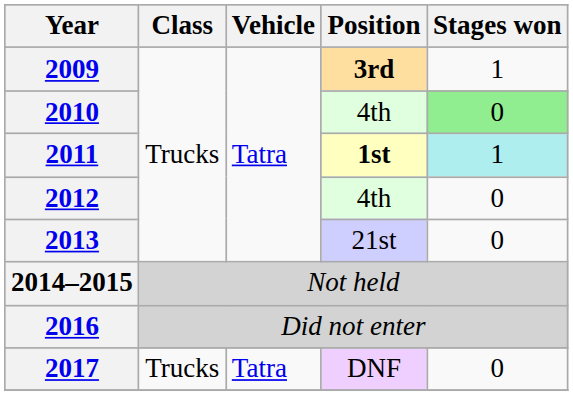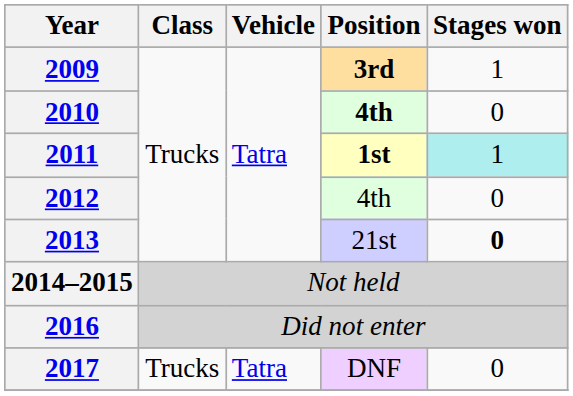 <table class="wikitable">
 <tr>
 <th>Year</th>
 <th>Class</th>
 <th>Vehicle</th>
 <th>Position</th>
 <th>Stages won</th>
 </tr>
 <tr>
 <th><a href='#'>2009</a></th>
 <td rowspan=5>Trucks</td>
 <td rowspan=5> <a href='#'>Tatra</a></td>
 <td align="center" style="background:#FFDF9F;"><strong>3rd</strong></td>
 <td align="center">1</td>
 </tr>
 <tr>
 <th><a href='#'>2010</a></th>
-<td align="center" style="background:#DFFFDF;">4th</td>
-<td align="center" style="background: lightgreen;">0</td>
+<td align="center" style="background:#DFFFDF;"><strong>4th</strong></td>
+<td align="center">0</td>
 </tr>
 <tr>
 <th><a href='#'>2011</a></th>
 <td align="center" style="background:#FFFFBF;"><strong>1st</strong></td>
 <td align="center" style="background: paleturquoise;">1</td>
 </tr>
 <tr>
 <th><a href='#'>2012</a></th>
 <td align="center" style="background:#DFFFDF;">4th</td>
 <td align="center">0</td>
 </tr>
 <tr>
 <th><a href='#'>2013</a></th>
 <td align="center" style="background:#CFCFFF;">21st</td>
-<td align="center">0</td>
+<td align="center"><strong>0</strong></td>
 </tr>
 <tr>
 <th>2014–2015</th>
 <td align=center colspan=4 style="background:lightgrey;"><em>Not held</em></td>
 </tr>
 <tr>
 <th><a href='#'>2016</a></th>
 <td align=center colspan=4 style="background:lightgrey;"><em>Did not enter</em></td>
 </tr>
 <tr>
 <th><a href='#'>2017</a></th>
 <td>Trucks</td>
 <td> <a href='#'>Tatra</a></td>
 <td align="center" style="background:#EFCFFF;">DNF</td>
 <td align="center">0</td>
 </tr>
 <tr>
 </tr>
 </table>
